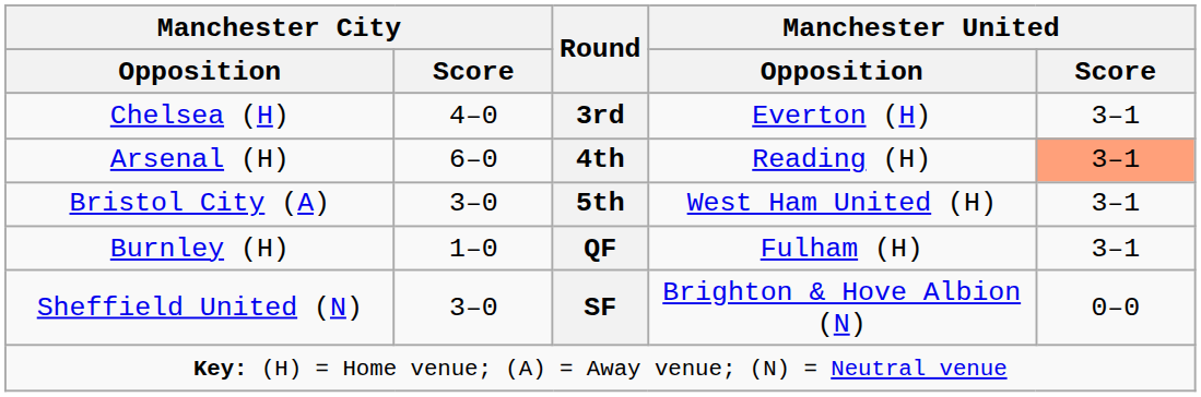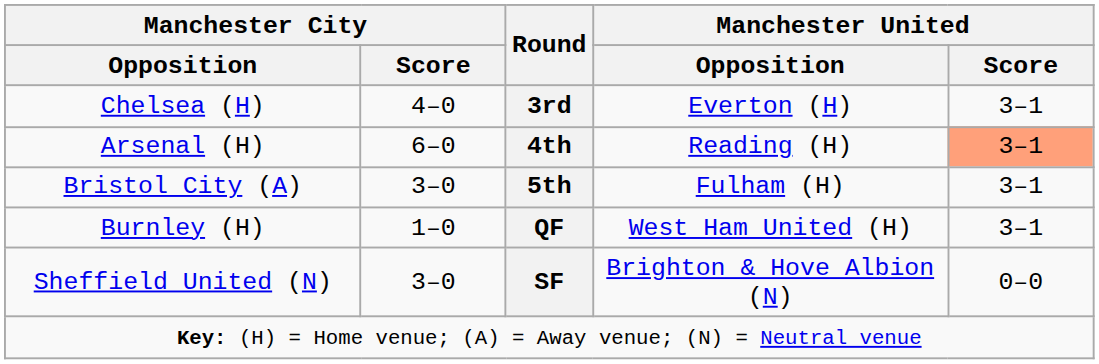 <table class="wikitable plainrowheaders" style="text-align:center;margin:0">
 <tr>
 <th colspan="2">Manchester City</th>
 <th rowspan="2" style="width:25px">Round</th>
 <th colspan="2">Manchester United</th>
 </tr>
 <tr>
 <th scope="col" style="width:180px">Opposition</th>
 <th scope="col" style="width:70px">Score</th>
 <th scope="col" style="width:180px">Opposition</th>
 <th scope="col" style="width:70px">Score</th>
 </tr>
 <tr>
 <td><a href='#'>Chelsea</a> (<a href='#'>H</a>)</td>
 <td>4–0</td>
 <th scope=row style="text-align:center">3rd</th>
 <td><a href='#'>Everton</a> (<a href='#'>H</a>)</td>
 <td>3–1</td>
 </tr>
 <tr>
 <td><a href='#'>Arsenal</a> (H)</td>
 <td>6–0</td>
 <th scope=row style="text-align:center">4th</th>
 <td><a href='#'>Reading</a> (H)</td>
 <td style="background: lightsalmon;">3–1</td>
 </tr>
 <tr>
 <td><a href='#'>Bristol City</a> (<a href='#'>A</a>)</td>
 <td>3–0</td>
 <th scope=row style="text-align:center">5th</th>
-<td><a href='#'>West Ham United</a> (H)</td>
+<td><a href='#'>Fulham</a> (H)</td>
 <td>3–1</td>
 </tr>
 <tr>
 <td><a href='#'>Burnley</a> (H)</td>
 <td>1–0</td>
 <th scope=row style="text-align:center">QF</th>
-<td><a href='#'>Fulham</a> (H)</td>
+<td><a href='#'>West Ham United</a> (H)</td>
 <td>3–1</td>
 </tr>
 <tr>
 <td><a href='#'>Sheffield United</a> (<a href='#'>N</a>)</td>
 <td>3–0</td>
 <th scope=row style="text-align:center">SF</th>
 <td><a href='#'>Brighton & Hove Albion</a> (<a href='#'>N</a>)</td>
 <td>0–0 <br></td>
 </tr>
 <tr>
 <td colspan="5"><small><strong>Key:</strong> (H) = Home venue; (A) = Away venue; (N) = <a href='#'>Neutral venue</a></small></td>
 </tr>
 </table>
